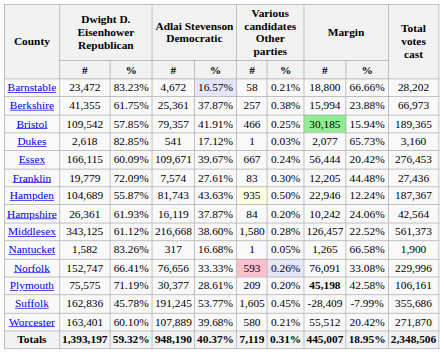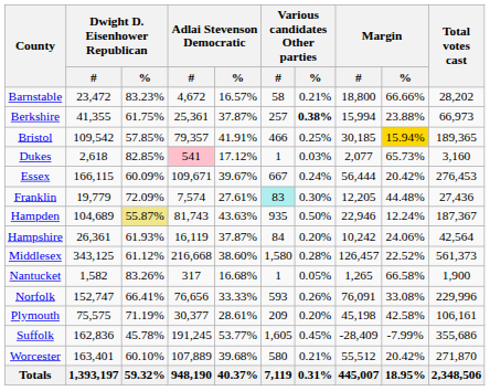 <table width="60%" class="wikitable sortable">
 <tr>
 <th rowspan="2">County</th>
 <th colspan="2">Dwight D. Eisenhower<br>Republican</th>
 <th colspan="2">Adlai Stevenson<br>Democratic</th>
 <th colspan="2">Various candidates<br>Other parties</th>
 <th colspan="2">Margin</th>
 <th rowspan="2">Total votes cast</th>
 </tr>
 <tr bgcolor="lightgrey">
 <th style="text-align:center;" data-sort-type="number">#</th>
 <th style="text-align:center;" data-sort-type="number">%</th>
 <th style="text-align:center;" data-sort-type="number">#</th>
 <th style="text-align:center;" data-sort-type="number">%</th>
 <th style="text-align:center;" data-sort-type="number">#</th>
 <th style="text-align:center;" data-sort-type="number">%</th>
 <th style="text-align:center;" data-sort-type="number">#</th>
 <th style="text-align:center;" data-sort-type="number">%</th>
 </tr>
 <tr style="text-align:center;">
 <td><a href='#'>Barnstable</a></td>
 <td>23,472</td>
 <td>83.23%</td>
 <td>4,672</td>
-<td style="background: lavender;">16.57%</td>
+<td>16.57%</td>
 <td>58</td>
 <td>0.21%</td>
 <td>18,800</td>
 <td>66.66%</td>
 <td>28,202</td>
 </tr>
 <tr style="text-align:center;">
 <td><a href='#'>Berkshire</a></td>
 <td>41,355</td>
 <td>61.75%</td>
 <td>25,361</td>
 <td>37.87%</td>
 <td>257</td>
-<td>0.38%</td>
+<td><strong>0.38%</strong></td>
 <td>15,994</td>
 <td>23.88%</td>
 <td>66,973</td>
 </tr>
 <tr style="text-align:center;">
 <td><a href='#'>Bristol</a></td>
 <td>109,542</td>
 <td>57.85%</td>
 <td>79,357</td>
 <td>41.91%</td>
 <td>466</td>
 <td>0.25%</td>
-<td style="background: lightgreen;">30,185</td>
-<td>15.94%</td>
+<td>30,185</td>
+<td style="background: gold;">15.94%</td>
 <td>189,365</td>
 </tr>
 <tr style="text-align:center;">
 <td><a href='#'>Dukes</a></td>
 <td>2,618</td>
 <td>82.85%</td>
-<td>541</td>
+<td style="background: pink;">541</td>
 <td>17.12%</td>
 <td>1</td>
 <td>0.03%</td>
 <td>2,077</td>
 <td>65.73%</td>
 <td>3,160</td>
 </tr>
 <tr style="text-align:center;">
 <td><a href='#'>Essex</a></td>
 <td>166,115</td>
 <td>60.09%</td>
 <td>109,671</td>
 <td>39.67%</td>
 <td>667</td>
 <td>0.24%</td>
 <td>56,444</td>
 <td>20.42%</td>
 <td>276,453</td>
 </tr>
 <tr style="text-align:center;">
 <td><a href='#'>Franklin</a></td>
 <td>19,779</td>
 <td>72.09%</td>
 <td>7,574</td>
 <td>27.61%</td>
-<td>83</td>
+<td style="background: paleturquoise;">83</td>
 <td>0.30%</td>
 <td>12,205</td>
 <td>44.48%</td>
 <td>27,436</td>
 </tr>
 <tr style="text-align:center;">
 <td><a href='#'>Hampden</a></td>
 <td>104,689</td>
-<td>55.87%</td>
+<td style="background: khaki;">55.87%</td>
 <td>81,743</td>
 <td>43.63%</td>
-<td style="background: lightyellow;">935</td>
+<td>935</td>
 <td>0.50%</td>
 <td>22,946</td>
 <td>12.24%</td>
 <td>187,367</td>
 </tr>
 <tr style="text-align:center;">
 <td><a href='#'>Hampshire</a></td>
 <td>26,361</td>
 <td>61.93%</td>
 <td>16,119</td>
 <td>37.87%</td>
 <td>84</td>
 <td>0.20%</td>
 <td>10,242</td>
 <td>24.06%</td>
 <td>42,564</td>
 </tr>
 <tr style="text-align:center;">
 <td><a href='#'>Middlesex</a></td>
 <td>343,125</td>
 <td>61.12%</td>
 <td>216,668</td>
 <td>38.60%</td>
 <td>1,580</td>
 <td>0.28%</td>
 <td>126,457</td>
 <td>22.52%</td>
 <td>561,373</td>
 </tr>
 <tr style="text-align:center;">
 <td><a href='#'>Nantucket</a></td>
 <td>1,582</td>
 <td>83.26%</td>
 <td>317</td>
 <td>16.68%</td>
 <td>1</td>
 <td>0.05%</td>
 <td>1,265</td>
 <td>66.58%</td>
 <td>1,900</td>
 </tr>
 <tr style="text-align:center;">
 <td><a href='#'>Norfolk</a></td>
 <td>152,747</td>
 <td>66.41%</td>
 <td>76,656</td>
 <td>33.33%</td>
-<td style="background: pink;">593</td>
-<td style="background: lavender;">0.26%</td>
+<td>593</td>
+<td>0.26%</td>
 <td>76,091</td>
 <td>33.08%</td>
 <td>229,996</td>
 </tr>
 <tr style="text-align:center;">
 <td><a href='#'>Plymouth</a></td>
 <td>75,575</td>
 <td>71.19%</td>
 <td>30,377</td>
 <td>28.61%</td>
 <td>209</td>
 <td>0.20%</td>
-<td><strong>45,198</strong></td>
+<td>45,198</td>
 <td>42.58%</td>
 <td>106,161</td>
 </tr>
 <tr style="text-align:center;">
 <td><a href='#'>Suffolk</a></td>
 <td>162,836</td>
 <td>45.78%</td>
 <td>191,245</td>
 <td>53.77%</td>
 <td>1,605</td>
 <td>0.45%</td>
 <td>-28,409</td>
 <td>-7.99%</td>
 <td>355,686</td>
 </tr>
 <tr style="text-align:center;">
 <td><a href='#'>Worcester</a></td>
 <td>163,401</td>
 <td>60.10%</td>
 <td>107,889</td>
 <td>39.68%</td>
 <td>580</td>
 <td>0.21%</td>
 <td>55,512</td>
 <td>20.42%</td>
 <td>271,870</td>
 </tr>
 <tr>
 <th>Totals</th>
 <th>1,393,197</th>
 <th>59.32%</th>
 <th>948,190</th>
 <th>40.37%</th>
 <th>7,119</th>
 <th>0.31%</th>
 <th>445,007</th>
 <th>18.95%</th>
 <th>2,348,506</th>
 </tr>
 </table>
